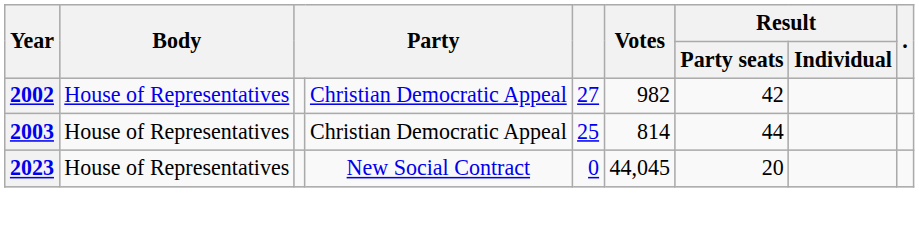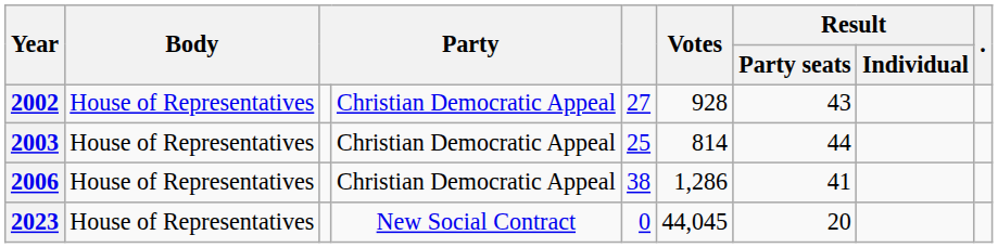 <table class="wikitable plainrowheaders sortable" border=2 cellpadding=4 cellspacing=0 style="border: 1px #aaa solid; font-size: 90%; text-align:center;">
 <tr>
 <th scope="col" rowspan=2>Year</th>
 <th scope="col" rowspan=2>Body</th>
 <th scope="col" colspan=2 rowspan=2>Party</th>
 <th scope="col" rowspan=2></th>
 <th scope="col" rowspan=2>Votes</th>
 <th scope="colgroup" colspan=2>Result</th>
 <th scope="col" rowspan=2 class="unsortable">.</th>
 </tr>
 <tr>
 <th scope="col">Party seats</th>
 <th scope="col">Individual</th>
 </tr>
 <tr>
 <th scope="row"><a href='#'>2002</a></th>
 <td><a href='#'>House of Representatives</a></td>
 <td style="background-color:"></td>
 <td><a href='#'>Christian Democratic Appeal</a></td>
 <td style=text-align:right><a href='#'>27</a></td>
-<td style=text-align:right>982</td>
-<td style=text-align:right>42</td>
+<td style=text-align:right>928</td>
+<td style=text-align:right>43</td>
 <td></td>
 <td></td>
 </tr>
 <tr>
 <th scope="row"><a href='#'>2003</a></th>
 <td>House of Representatives</td>
 <td style="background-color:"></td>
 <td>Christian Democratic Appeal</td>
 <td style=text-align:right><a href='#'>25</a></td>
 <td style=text-align:right>814</td>
 <td style=text-align:right>44</td>
 <td></td>
 <td></td>
 </tr>
 <tr>
+<th scope="row"><a href='#'>2006</a></th>
+<td>House of Representatives</td>
+<td style="background-color:"></td>
+<td>Christian Democratic Appeal</td>
+<td style=text-align:right><a href='#'>38</a></td>
+<td style=text-align:right>1,286</td>
+<td style=text-align:right>41</td>
+<td></td>
+<td></td>
+</tr>
+<tr>
 <th scope="row"><a href='#'>2023</a></th>
 <td>House of Representatives</td>
 <td style="background-color:"></td>
 <td><a href='#'>New Social Contract</a></td>
 <td style=text-align:right><a href='#'>0</a></td>
 <td style=text-align:right>44,045</td>
 <td style=text-align:right>20</td>
 <td></td>
 <td></td>
 </tr>
 </table>
